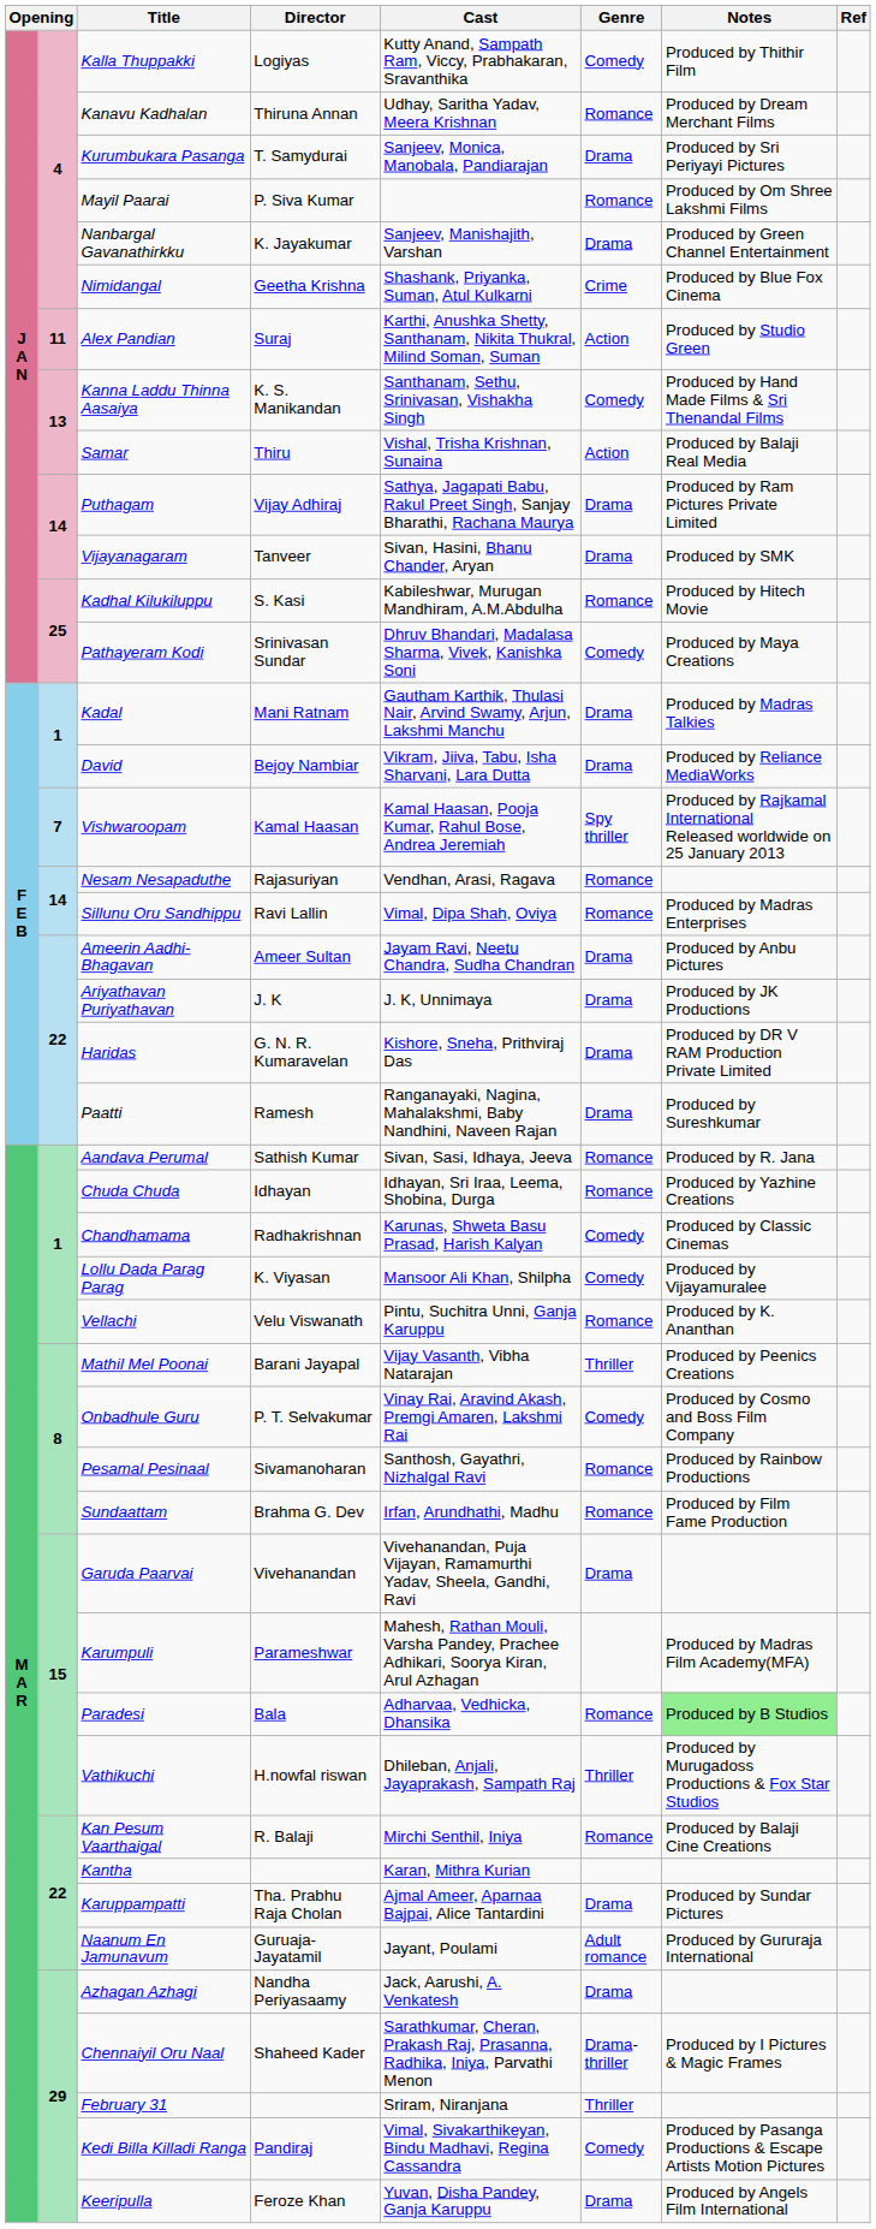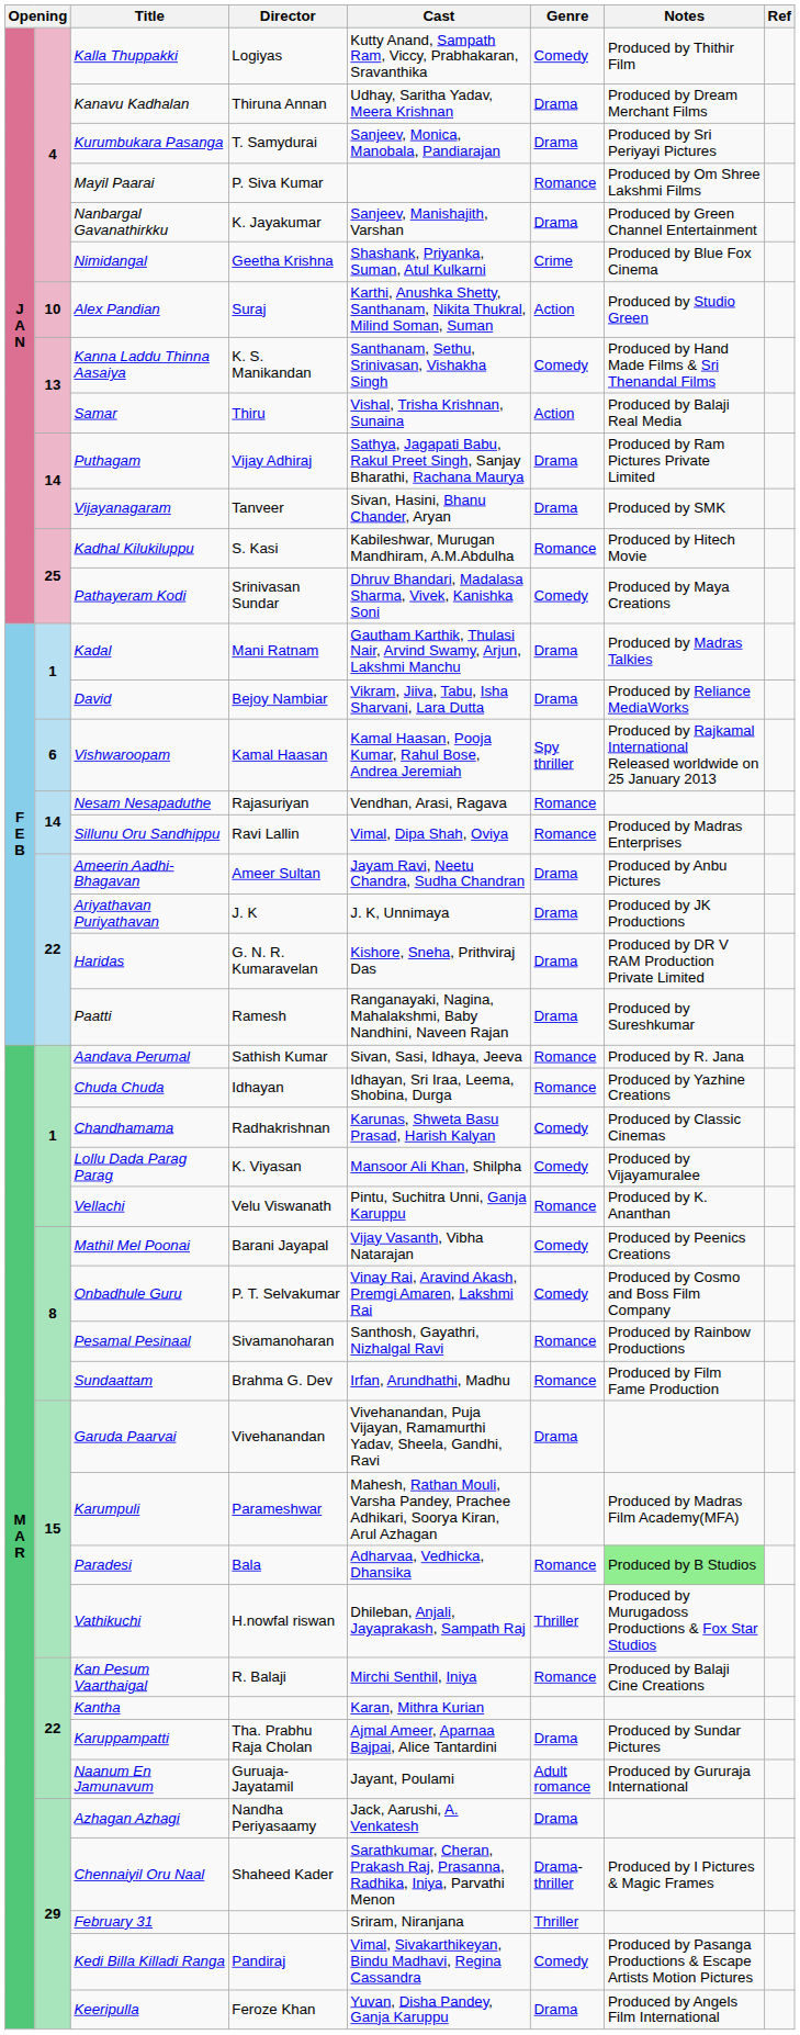 <table class="wikitable" id="wikitable-20130301">
 <tr style="background:#b0e0e6; text-align:center;">
 <th colspan="2"><strong>Opening</strong></th>
 <th style="width:20%;"><strong>Title</strong></th>
 <th>Director</th>
 <th>Cast</th>
 <th>Genre</th>
 <th>Notes</th>
 <th>Ref</th>
 </tr>
 <tr January!>
 <td rowspan="13"   style="text-align:center; background:#db7093; textcolor:#000;"><strong>J<br>A<br>N</strong></td>
 <td rowspan="6" style="text-align:center; background:#edb7c9;"><strong>4</strong></td>
 <td><em><a href='#'>Kalla Thuppakki</a></em></td>
 <td>Logiyas</td>
 <td>Kutty Anand, <a href='#'>Sampath Ram</a>, Viccy, Prabhakaran, Sravanthika</td>
 <td><a href='#'>Comedy</a></td>
 <td>Produced by Thithir Film</td>
 <td></td>
 </tr>
 <tr>
 <td><em>Kanavu Kadhalan</em></td>
 <td>Thiruna Annan</td>
 <td>Udhay, Saritha Yadav, <a href='#'>Meera Krishnan</a></td>
-<td><a href='#'>Romance</a></td>
+<td><a href='#'>Drama</a></td>
 <td>Produced by Dream Merchant Films</td>
 <td></td>
 </tr>
 <tr>
 <td><em><a href='#'>Kurumbukara Pasanga</a></em></td>
 <td>T. Samydurai</td>
 <td><a href='#'>Sanjeev</a>, <a href='#'>Monica</a>, <a href='#'>Manobala</a>, <a href='#'>Pandiarajan</a></td>
 <td><a href='#'>Drama</a></td>
 <td>Produced by Sri Periyayi Pictures</td>
 <td></td>
 </tr>
 <tr>
 <td><em>Mayil Paarai</em></td>
 <td>P. Siva Kumar</td>
 <td></td>
 <td><a href='#'>Romance</a></td>
 <td>Produced by Om Shree Lakshmi Films</td>
 <td></td>
 </tr>
 <tr>
 <td><em>Nanbargal Gavanathirkku</em></td>
 <td>K. Jayakumar</td>
 <td><a href='#'>Sanjeev</a>, <a href='#'>Manishajith</a>,  Varshan</td>
 <td><a href='#'>Drama</a></td>
 <td>Produced by Green Channel Entertainment</td>
 <td></td>
 </tr>
 <tr>
 <td><em><a href='#'>Nimidangal</a></em></td>
 <td><a href='#'>Geetha Krishna</a></td>
 <td><a href='#'>Shashank</a>, <a href='#'>Priyanka</a>, <a href='#'>Suman</a>, <a href='#'>Atul Kulkarni</a></td>
 <td><a href='#'>Crime</a></td>
 <td>Produced by Blue Fox Cinema</td>
 <td></td>
 </tr>
 <tr>
-<td style="text-align:center; background:#edb7c9;"><strong>11</strong></td>
+<td style="text-align:center; background:#edb7c9;"><strong>10</strong></td>
 <td><em><a href='#'>Alex Pandian</a></em></td>
 <td><a href='#'>Suraj</a></td>
 <td><a href='#'>Karthi</a>, <a href='#'>Anushka Shetty</a>, <a href='#'>Santhanam</a>, <a href='#'>Nikita Thukral</a>, <a href='#'>Milind Soman</a>, <a href='#'>Suman</a></td>
 <td><a href='#'>Action</a></td>
 <td>Produced by <a href='#'>Studio Green</a></td>
 <td></td>
 </tr>
 <tr>
 <td rowspan="2" style="text-align:center; background:#edb7c9;"><strong>13</strong></td>
 <td><em><a href='#'>Kanna Laddu Thinna Aasaiya</a></em></td>
 <td>K. S. Manikandan</td>
 <td><a href='#'>Santhanam</a>, <a href='#'>Sethu</a>, <a href='#'>Srinivasan</a>, <a href='#'>Vishakha Singh</a></td>
 <td><a href='#'>Comedy</a></td>
 <td>Produced by Hand Made Films & <a href='#'>Sri Thenandal Films</a></td>
 <td></td>
 </tr>
 <tr>
 <td><em><a href='#'>Samar</a></em></td>
 <td><a href='#'>Thiru</a></td>
 <td><a href='#'>Vishal</a>, <a href='#'>Trisha Krishnan</a>, <a href='#'>Sunaina</a></td>
 <td><a href='#'>Action</a></td>
 <td>Produced by Balaji Real Media</td>
 <td></td>
 </tr>
 <tr>
 <td rowspan="2" style="text-align:center;background:#edb7c9;"><strong>14</strong></td>
 <td><em><a href='#'>Puthagam</a></em></td>
 <td><a href='#'>Vijay Adhiraj</a></td>
 <td><a href='#'>Sathya</a>, <a href='#'>Jagapati Babu</a>, <a href='#'>Rakul Preet Singh</a>, Sanjay Bharathi, <a href='#'>Rachana Maurya</a></td>
 <td><a href='#'>Drama</a></td>
 <td>Produced by Ram Pictures Private Limited</td>
 <td></td>
 </tr>
 <tr>
 <td><em><a href='#'>Vijayanagaram</a></em></td>
 <td>Tanveer</td>
 <td>Sivan, Hasini, <a href='#'>Bhanu Chander</a>, Aryan</td>
 <td><a href='#'>Drama</a></td>
 <td>Produced by SMK</td>
 <td></td>
 </tr>
 <tr>
 <td rowspan="2" style="text-align:center; background:#edb7c9;"><strong>25</strong></td>
 <td><em><a href='#'>Kadhal Kilukiluppu</a></em></td>
 <td>S. Kasi</td>
 <td>Kabileshwar, Murugan Mandhiram, A.M.Abdulha</td>
 <td><a href='#'>Romance</a></td>
 <td>Produced by Hitech Movie</td>
 <td></td>
 </tr>
 <tr>
 <td><em><a href='#'>Pathayeram Kodi</a></em></td>
 <td>Srinivasan Sundar</td>
 <td><a href='#'>Dhruv Bhandari</a>, <a href='#'>Madalasa Sharma</a>, <a href='#'>Vivek</a>, <a href='#'>Kanishka Soni</a></td>
 <td><a href='#'>Comedy</a></td>
 <td>Produced by Maya Creations</td>
 <td></td>
 </tr>
 <tr February!>
 <td rowspan="9" style="text-align:center; background:skyBlue; textcolor:#000;"><strong>F<br>E<br>B</strong></td>
 <td rowspan="2" style="text-align:center;background:#b7e1f3;"><strong>1</strong></td>
 <td><em><a href='#'>Kadal</a></em></td>
 <td><a href='#'>Mani Ratnam</a></td>
 <td><a href='#'>Gautham Karthik</a>, <a href='#'>Thulasi Nair</a>, <a href='#'>Arvind Swamy</a>, <a href='#'>Arjun</a>, <a href='#'>Lakshmi Manchu</a></td>
 <td><a href='#'>Drama</a></td>
 <td>Produced by <a href='#'>Madras Talkies</a></td>
 <td></td>
 </tr>
 <tr>
 <td><em><a href='#'>David</a></em></td>
 <td><a href='#'>Bejoy Nambiar</a></td>
 <td><a href='#'>Vikram</a>, <a href='#'>Jiiva</a>, <a href='#'>Tabu</a>, <a href='#'>Isha Sharvani</a>, <a href='#'>Lara Dutta</a></td>
 <td><a href='#'>Drama</a></td>
 <td>Produced by <a href='#'>Reliance MediaWorks</a></td>
 <td></td>
 </tr>
 <tr>
-<td style="text-align:center;background:#b7e1f3;"><strong>7</strong></td>
+<td style="text-align:center;background:#b7e1f3;"><strong>6</strong></td>
 <td><em><a href='#'>Vishwaroopam</a></em></td>
 <td><a href='#'>Kamal Haasan</a></td>
 <td><a href='#'>Kamal Haasan</a>, <a href='#'>Pooja Kumar</a>, <a href='#'>Rahul Bose</a>, <a href='#'>Andrea Jeremiah</a></td>
 <td><a href='#'>Spy thriller</a></td>
 <td>Produced by <a href='#'>Rajkamal International</a><br>Released worldwide on 25 January 2013</td>
 <td></td>
 </tr>
 <tr>
 <td rowspan="2" style="text-align:center;background:#b7e1f3;"><strong>14</strong></td>
 <td><em><a href='#'>Nesam Nesapaduthe</a></em></td>
 <td>Rajasuriyan</td>
 <td>Vendhan, Arasi, Ragava</td>
 <td><a href='#'>Romance</a></td>
 <td></td>
 <td></td>
 </tr>
 <tr>
 <td><em><a href='#'>Sillunu Oru Sandhippu</a></em></td>
 <td>Ravi Lallin</td>
 <td><a href='#'>Vimal</a>, <a href='#'>Dipa Shah</a>, <a href='#'>Oviya</a></td>
 <td><a href='#'>Romance</a></td>
 <td>Produced by Madras Enterprises</td>
 <td></td>
 </tr>
 <tr>
 <td rowspan="4" style="text-align:center;background:#b7e1f3;"><strong>22</strong></td>
 <td><em><a href='#'>Ameerin Aadhi-Bhagavan</a></em></td>
 <td><a href='#'>Ameer Sultan</a></td>
 <td><a href='#'>Jayam Ravi</a>, <a href='#'>Neetu Chandra</a>, <a href='#'>Sudha Chandran</a></td>
 <td><a href='#'>Drama</a></td>
 <td>Produced by Anbu Pictures</td>
 <td></td>
 </tr>
 <tr>
 <td><em><a href='#'>Ariyathavan Puriyathavan</a></em></td>
 <td>J. K</td>
 <td>J. K, Unnimaya</td>
 <td><a href='#'>Drama</a></td>
 <td>Produced by JK Productions</td>
 <td></td>
 </tr>
 <tr>
 <td><em><a href='#'>Haridas</a></em></td>
 <td>G. N. R. Kumaravelan</td>
 <td><a href='#'>Kishore</a>, <a href='#'>Sneha</a>, Prithviraj Das</td>
 <td><a href='#'>Drama</a></td>
 <td>Produced by DR V RAM Production Private Limited</td>
 <td></td>
 </tr>
 <tr>
 <td><em>Paatti</em></td>
 <td>Ramesh</td>
 <td>Ranganayaki, Nagina, Mahalakshmi, Baby Nandhini, Naveen Rajan</td>
 <td><a href='#'>Drama</a></td>
 <td>Produced by Sureshkumar</td>
 <td></td>
 </tr>
 <tr March!>
 <td rowspan="22"   style="text-align:center; background:#50c878; textcolor:#000;"><strong>M<br>A<br>R</strong></td>
 <td rowspan="5" style="text-align:center;background:#a8e4bc;"><strong>1</strong></td>
 <td><em><a href='#'>Aandava Perumal</a></em></td>
 <td>Sathish Kumar</td>
 <td>Sivan, Sasi, Idhaya, Jeeva</td>
 <td><a href='#'>Romance</a></td>
 <td>Produced by R. Jana</td>
 <td></td>
 </tr>
 <tr>
 <td><em><a href='#'>Chuda Chuda</a></em></td>
 <td>Idhayan</td>
 <td>Idhayan, Sri Iraa, Leema, Shobina, Durga</td>
 <td><a href='#'>Romance</a></td>
 <td>Produced by Yazhine Creations</td>
 <td></td>
 </tr>
 <tr>
 <td><em><a href='#'>Chandhamama</a></em></td>
 <td>Radhakrishnan</td>
 <td><a href='#'>Karunas</a>, <a href='#'>Shweta Basu Prasad</a>, <a href='#'>Harish Kalyan</a></td>
 <td><a href='#'>Comedy</a></td>
 <td>Produced by Classic Cinemas</td>
 <td></td>
 </tr>
 <tr>
 <td><em><a href='#'>Lollu Dada Parag Parag</a></em></td>
 <td>K. Viyasan</td>
 <td><a href='#'>Mansoor Ali Khan</a>, Shilpha</td>
 <td><a href='#'>Comedy</a></td>
 <td>Produced by Vijayamuralee</td>
 <td></td>
 </tr>
 <tr>
 <td><em><a href='#'>Vellachi</a></em></td>
 <td>Velu Viswanath</td>
 <td>Pintu, Suchitra Unni, <a href='#'>Ganja Karuppu</a></td>
 <td><a href='#'>Romance</a></td>
 <td>Produced by K. Ananthan</td>
 <td></td>
 </tr>
 <tr>
 <td rowspan="4" style="text-align:center;background:#a8e4bc;"><strong>8</strong></td>
 <td><em><a href='#'>Mathil Mel Poonai</a></em></td>
 <td>Barani Jayapal</td>
 <td><a href='#'>Vijay Vasanth</a>, Vibha Natarajan</td>
-<td><a href='#'>Thriller</a></td>
+<td><a href='#'>Comedy</a></td>
 <td>Produced by Peenics Creations</td>
 <td></td>
 </tr>
 <tr>
 <td><em><a href='#'>Onbadhule Guru</a></em></td>
 <td>P. T. Selvakumar</td>
 <td><a href='#'>Vinay Rai</a>, <a href='#'>Aravind Akash</a>, <a href='#'>Premgi Amaren</a>, <a href='#'>Lakshmi Rai</a></td>
 <td><a href='#'>Comedy</a></td>
 <td>Produced by Cosmo and Boss Film Company</td>
 <td></td>
 </tr>
 <tr>
 <td><em><a href='#'>Pesamal Pesinaal</a></em></td>
 <td>Sivamanoharan</td>
 <td>Santhosh, Gayathri, <a href='#'>Nizhalgal Ravi</a></td>
 <td><a href='#'>Romance</a></td>
 <td>Produced by Rainbow Productions</td>
 <td></td>
 </tr>
 <tr>
 <td><em><a href='#'>Sundaattam</a></em></td>
 <td>Brahma G. Dev</td>
 <td><a href='#'>Irfan</a>, <a href='#'>Arundhathi</a>, Madhu</td>
 <td><a href='#'>Romance</a></td>
 <td>Produced by Film Fame Production</td>
 <td></td>
 </tr>
 <tr>
 <td rowspan="4" style="text-align:center;background:#a8e4bc;"><strong>15</strong></td>
 <td><em><a href='#'>Garuda Paarvai</a></em></td>
 <td>Vivehanandan</td>
 <td>Vivehanandan, Puja Vijayan, Ramamurthi Yadav, Sheela, Gandhi, Ravi</td>
 <td><a href='#'>Drama</a></td>
 <td></td>
 <td></td>
 </tr>
 <tr>
 <td><em><a href='#'>Karumpuli</a></em></td>
 <td><a href='#'>Parameshwar</a></td>
 <td>Mahesh, <a href='#'>Rathan Mouli</a>, Varsha Pandey, Prachee Adhikari, Soorya Kiran, Arul Azhagan</td>
 <td></td>
 <td>Produced by Madras Film Academy(MFA)</td>
 <td></td>
 </tr>
 <tr>
 <td><em><a href='#'>Paradesi</a></em></td>
 <td><a href='#'>Bala</a></td>
 <td><a href='#'>Adharvaa</a>, <a href='#'>Vedhicka</a>, <a href='#'>Dhansika</a></td>
 <td><a href='#'>Romance</a></td>
 <td style="background: lightgreen;">Produced by B Studios</td>
 <td></td>
 </tr>
 <tr>
 <td><em><a href='#'>Vathikuchi</a></em></td>
 <td>H.nowfal riswan</td>
 <td>Dhileban, <a href='#'>Anjali</a>, <a href='#'>Jayaprakash</a>, <a href='#'>Sampath Raj</a></td>
 <td><a href='#'>Thriller</a></td>
 <td>Produced by Murugadoss Productions & <a href='#'>Fox Star Studios</a></td>
 <td></td>
 </tr>
 <tr>
 <td rowspan="4" style="text-align:center;background:#a8e4bc;"><strong>22</strong></td>
 <td><em><a href='#'>Kan Pesum Vaarthaigal</a></em></td>
 <td>R. Balaji</td>
 <td><a href='#'>Mirchi Senthil</a>, <a href='#'>Iniya</a></td>
 <td><a href='#'>Romance</a></td>
 <td>Produced by Balaji Cine Creations</td>
 <td></td>
 </tr>
 <tr>
 <td><em><a href='#'>Kantha</a></em></td>
 <td></td>
 <td><a href='#'>Karan</a>, <a href='#'>Mithra Kurian</a></td>
 <td></td>
 <td></td>
 <td></td>
 </tr>
 <tr>
 <td><em><a href='#'>Karuppampatti</a></em></td>
 <td>Tha. Prabhu Raja Cholan</td>
 <td><a href='#'>Ajmal Ameer</a>, <a href='#'>Aparnaa Bajpai</a>, Alice Tantardini</td>
 <td><a href='#'>Drama</a></td>
 <td>Produced by Sundar Pictures</td>
 <td></td>
 </tr>
 <tr>
 <td><em><a href='#'>Naanum En Jamunavum</a></em></td>
 <td>Guruaja-Jayatamil</td>
 <td>Jayant, Poulami</td>
 <td><a href='#'>Adult romance</a></td>
 <td>Produced by Gururaja International</td>
 <td></td>
 </tr>
 <tr>
 <td rowspan="5" style="text-align:center;background:#a8e4bc;"><strong>29</strong></td>
 <td><em><a href='#'>Azhagan Azhagi</a></em></td>
 <td>Nandha Periyasaamy</td>
 <td>Jack, Aarushi, <a href='#'>A. Venkatesh</a></td>
 <td><a href='#'>Drama</a></td>
 <td></td>
 <td></td>
 </tr>
 <tr>
 <td><em><a href='#'>Chennaiyil Oru Naal</a></em></td>
 <td>Shaheed Kader</td>
 <td><a href='#'>Sarathkumar</a>, <a href='#'>Cheran</a>, <a href='#'>Prakash Raj</a>, <a href='#'>Prasanna</a>, <a href='#'>Radhika</a>, <a href='#'>Iniya</a>, Parvathi Menon</td>
 <td><a href='#'>Drama</a>-<a href='#'>thriller</a></td>
 <td>Produced by I Pictures & Magic Frames</td>
 <td></td>
 </tr>
 <tr>
 <td><em><a href='#'>February 31</a></em></td>
 <td></td>
 <td>Sriram, Niranjana</td>
 <td><a href='#'>Thriller</a></td>
 <td></td>
 <td></td>
 </tr>
 <tr>
 <td><em><a href='#'>Kedi Billa Killadi Ranga</a></em></td>
 <td><a href='#'>Pandiraj</a></td>
 <td><a href='#'>Vimal</a>, <a href='#'>Sivakarthikeyan</a>, <a href='#'>Bindu Madhavi</a>, <a href='#'>Regina Cassandra</a></td>
 <td><a href='#'>Comedy</a></td>
 <td>Produced by Pasanga Productions & Escape Artists Motion Pictures</td>
 <td></td>
 </tr>
 <tr>
 <td><em><a href='#'>Keeripulla</a></em></td>
 <td>Feroze Khan</td>
 <td><a href='#'>Yuvan</a>, <a href='#'>Disha Pandey</a>, <a href='#'>Ganja Karuppu</a></td>
 <td><a href='#'>Drama</a></td>
 <td>Produced by Angels Film International</td>
 <td></td>
 </tr>
 </table>
